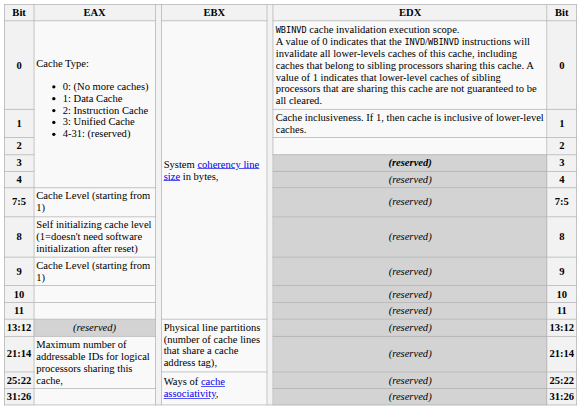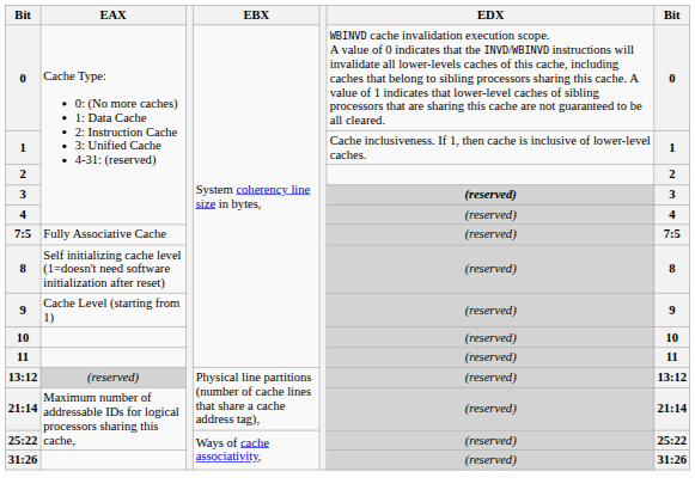 <table class="wikitable">
 <tr>
 <th>Bit</th>
 <th>EAX</th>
 <th scope="col" style="width: 0.5em; border-spacing:0; padding:0px" rowspan="15"></th>
 <th>EBX</th>
 <th scope="col" style="width: 0.5em; border-spacing:0; padding:0px" rowspan="15"></th>
 <th>EDX</th>
 <th>Bit</th>
 </tr>
 <tr>
 <th>0</th>
 <td rowspan=5>Cache Type:<br><ul><li>0: (No more caches)</li><li>1: Data Cache</li><li>2: Instruction Cache</li><li>3: Unified Cache</li><li>4-31: (reserved)</li></ul></td>
 <td rowspan=10>System <a href='#'>coherency line size</a> in bytes, </td>
 <td><code>WBINVD</code> cache invalidation execution scope.<br>A value of 0 indicates that the <code>INVD</code>/<code>WBINVD</code> instructions will invalidate all lower-levels caches of this cache, including caches that belong to sibling processors sharing this cache. A value of 1 indicates that lower-level caches of sibling processors that are sharing this cache are not guaranteed to be all cleared.</td>
 <th>0</th>
 </tr>
 <tr>
 <th>1</th>
 <td>Cache inclusiveness. If 1, then cache is inclusive of lower-level caches.</td>
 <th>1</th>
 </tr>
 <tr>
 <th>2</th>
 <td></td>
 <th>2</th>
 </tr>
 <tr>
 <th>3</th>
 <td style="text-align:center; background:lightgrey;"><strong><em>(reserved)</em></strong></td>
 <th>3</th>
 </tr>
 <tr>
 <th>4</th>
 <td style="text-align:center; background:lightgrey;"><em>(reserved)</em></td>
 <th>4</th>
 </tr>
 <tr>
 <th>7:5</th>
-<td>Cache Level (starting from 1)</td>
+<td>Fully Associative Cache</td>
 <td style="text-align:center; background:lightgrey;"><em>(reserved)</em></td>
 <th>7:5</th>
 </tr>
 <tr>
 <th>8</th>
 <td>Self initializing cache level (1=doesn't need software initialization after reset)</td>
 <td style="text-align:center; background:lightgrey;"><em>(reserved)</em></td>
 <th>8</th>
 </tr>
 <tr>
 <th>9</th>
 <td>Cache Level (starting from 1)</td>
 <td style="text-align:center; background:lightgrey;"><em>(reserved)</em></td>
 <th>9</th>
 </tr>
 <tr>
 <th>10</th>
 <td></td>
 <td style="text-align:center; background:lightgrey;"><em>(reserved)</em></td>
 <th>10</th>
 </tr>
 <tr>
 <th>11</th>
 <td></td>
 <td style="text-align:center; background:lightgrey;"><em>(reserved)</em></td>
 <th>11</th>
 </tr>
 <tr>
 <th>13:12</th>
 <td style="text-align:center; background:lightgrey;"><em>(reserved)</em></td>
 <td rowspan=2>Physical line partitions (number of cache lines that share a cache address tag), </td>
 <td style="text-align:center; background:lightgrey;"><em>(reserved)</em></td>
 <th>13:12</th>
 </tr>
 <tr>
 <th>21:14</th>
 <td rowspan=2>Maximum number of addressable IDs for logical processors sharing this cache, </td>
 <td style="text-align:center; background:lightgrey;"><em>(reserved)</em></td>
 <th>21:14</th>
 </tr>
 <tr>
 <th>25:22</th>
 <td rowspan=2>Ways of <a href='#'>cache associativity</a>, </td>
 <td style="text-align:center; background:lightgrey;"><em>(reserved)</em></td>
 <th>25:22</th>
 </tr>
 <tr>
 <th>31:26</th>
 <td></td>
 <td style="text-align:center; background:lightgrey;"><em>(reserved)</em></td>
 <th>31:26</th>
 </tr>
 </table>
